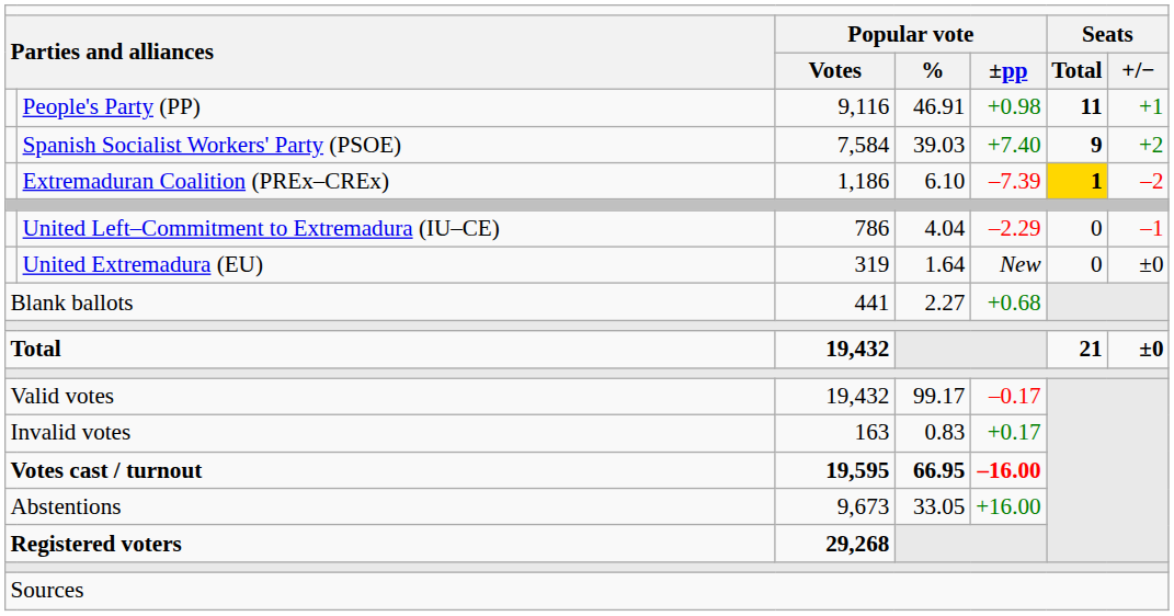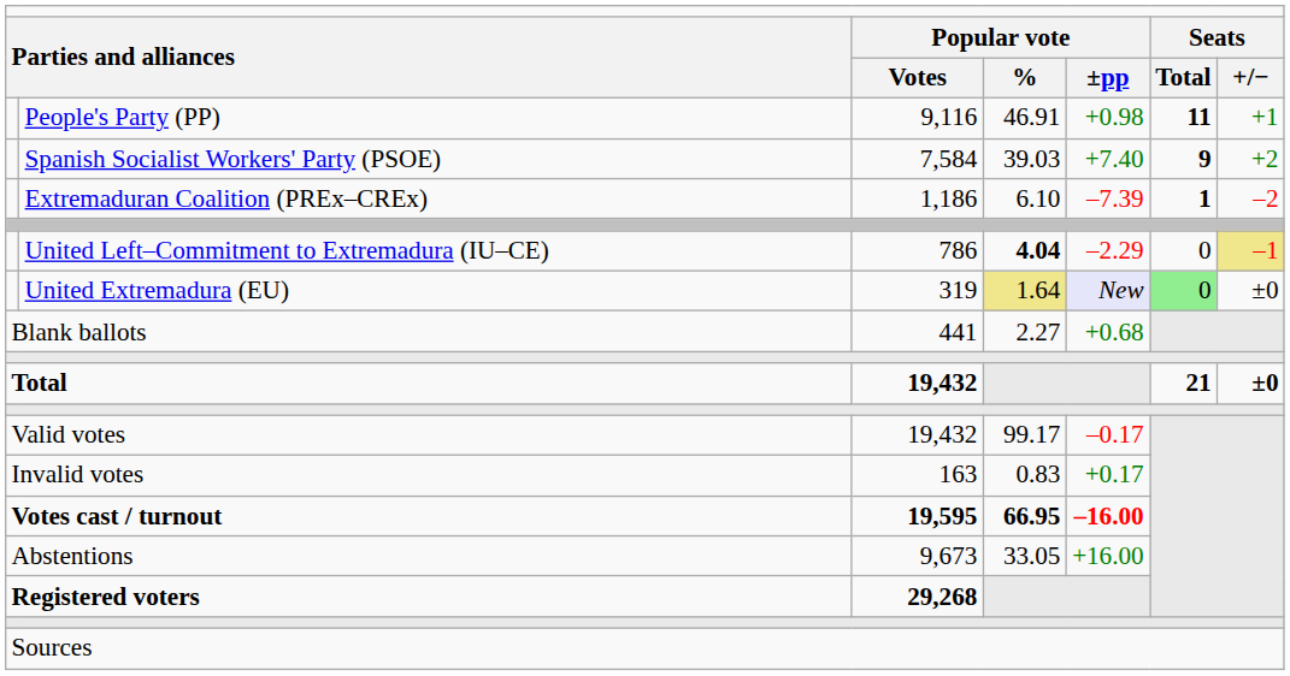 <table class="wikitable" style="text-align:right;">
 <tr>
 <td colspan="7"></td>
 </tr>
 <tr>
 <th style="text-align:left;" rowspan="2" colspan="2" width="525">Parties and alliances</th>
 <th colspan="3">Popular vote</th>
 <th colspan="2">Seats</th>
 </tr>
 <tr>
 <th width="75">Votes</th>
 <th width="45">%</th>
 <th width="45">±<a href='#'>pp</a></th>
 <th width="35">Total</th>
 <th width="35">+/−</th>
 </tr>
 <tr>
 <td width="1" style="color:inherit;background:"></td>
 <td align="left"><a href='#'>People's Party</a> (PP)</td>
 <td>9,116</td>
 <td>46.91</td>
 <td style="color:green;">+0.98</td>
 <td><strong>11</strong></td>
 <td style="color:green;">+1</td>
 </tr>
 <tr>
 <td style="color:inherit;background:"></td>
 <td align="left"><a href='#'>Spanish Socialist Workers' Party</a> (PSOE)</td>
 <td>7,584</td>
 <td>39.03</td>
 <td style="color:green;">+7.40</td>
 <td><strong>9</strong></td>
 <td style="color:green;">+2</td>
 </tr>
 <tr>
 <td style="color:inherit;background:"></td>
 <td align="left"><a href='#'>Extremaduran Coalition</a> (PREx–CREx)</td>
 <td>1,186</td>
 <td>6.10</td>
 <td style="color:red;">–7.39</td>
-<td style="background: gold;"><strong>1</strong></td>
+<td><strong>1</strong></td>
 <td style="color:red;">–2</td>
 </tr>
 <tr>
 <td colspan="7" bgcolor="#C0C0C0"></td>
 </tr>
 <tr>
 <td style="color:inherit;background:"></td>
 <td align="left"><a href='#'>United Left–Commitment to Extremadura</a> (IU–CE)</td>
 <td>786</td>
-<td>4.04</td>
+<td><strong>4.04</strong></td>
 <td style="color:red;">–2.29</td>
 <td>0</td>
-<td style="color:red;">–1</td>
+<td style="background: khaki; color:red;">–1</td>
 </tr>
 <tr>
 <td style="color:inherit;background:"></td>
 <td align="left"><a href='#'>United Extremadura</a> (EU)</td>
 <td>319</td>
-<td>1.64</td>
-<td><em>New</em></td>
-<td>0</td>
+<td style="background: khaki;">1.64</td>
+<td style="background: lavender;"><em>New</em></td>
+<td style="background: lightgreen;">0</td>
 <td>±0</td>
 </tr>
 <tr>
 <td align="left" colspan="2">Blank ballots</td>
 <td>441</td>
 <td>2.27</td>
 <td style="color:green;">+0.68</td>
 <td bgcolor="#E9E9E9" colspan="2"></td>
 </tr>
 <tr>
 <td colspan="7" bgcolor="#E9E9E9"></td>
 </tr>
 <tr style="font-weight:bold;">
 <td align="left" colspan="2">Total</td>
 <td>19,432</td>
 <td bgcolor="#E9E9E9" colspan="2"></td>
 <td>21</td>
 <td>±0</td>
 </tr>
 <tr>
 <td colspan="7" bgcolor="#E9E9E9"></td>
 </tr>
 <tr>
 <td align="left" colspan="2">Valid votes</td>
 <td>19,432</td>
 <td>99.17</td>
 <td style="color:red;">–0.17</td>
 <td bgcolor="#E9E9E9" colspan="2" rowspan="5"></td>
 </tr>
 <tr>
 <td align="left" colspan="2">Invalid votes</td>
 <td>163</td>
 <td>0.83</td>
 <td style="color:green;">+0.17</td>
 </tr>
 <tr style="font-weight:bold;">
 <td align="left" colspan="2">Votes cast / turnout</td>
 <td>19,595</td>
 <td>66.95</td>
 <td style="color:red;">–16.00</td>
 </tr>
 <tr>
 <td align="left" colspan="2">Abstentions</td>
 <td>9,673</td>
 <td>33.05</td>
 <td style="color:green;">+16.00</td>
 </tr>
 <tr style="font-weight:bold;">
 <td align="left" colspan="2">Registered voters</td>
 <td>29,268</td>
 <td bgcolor="#E9E9E9" colspan="2"></td>
 </tr>
 <tr>
 <td colspan="7" bgcolor="#E9E9E9"></td>
 </tr>
 <tr>
 <td align="left" colspan="7">Sources</td>
 </tr>
 </table>
